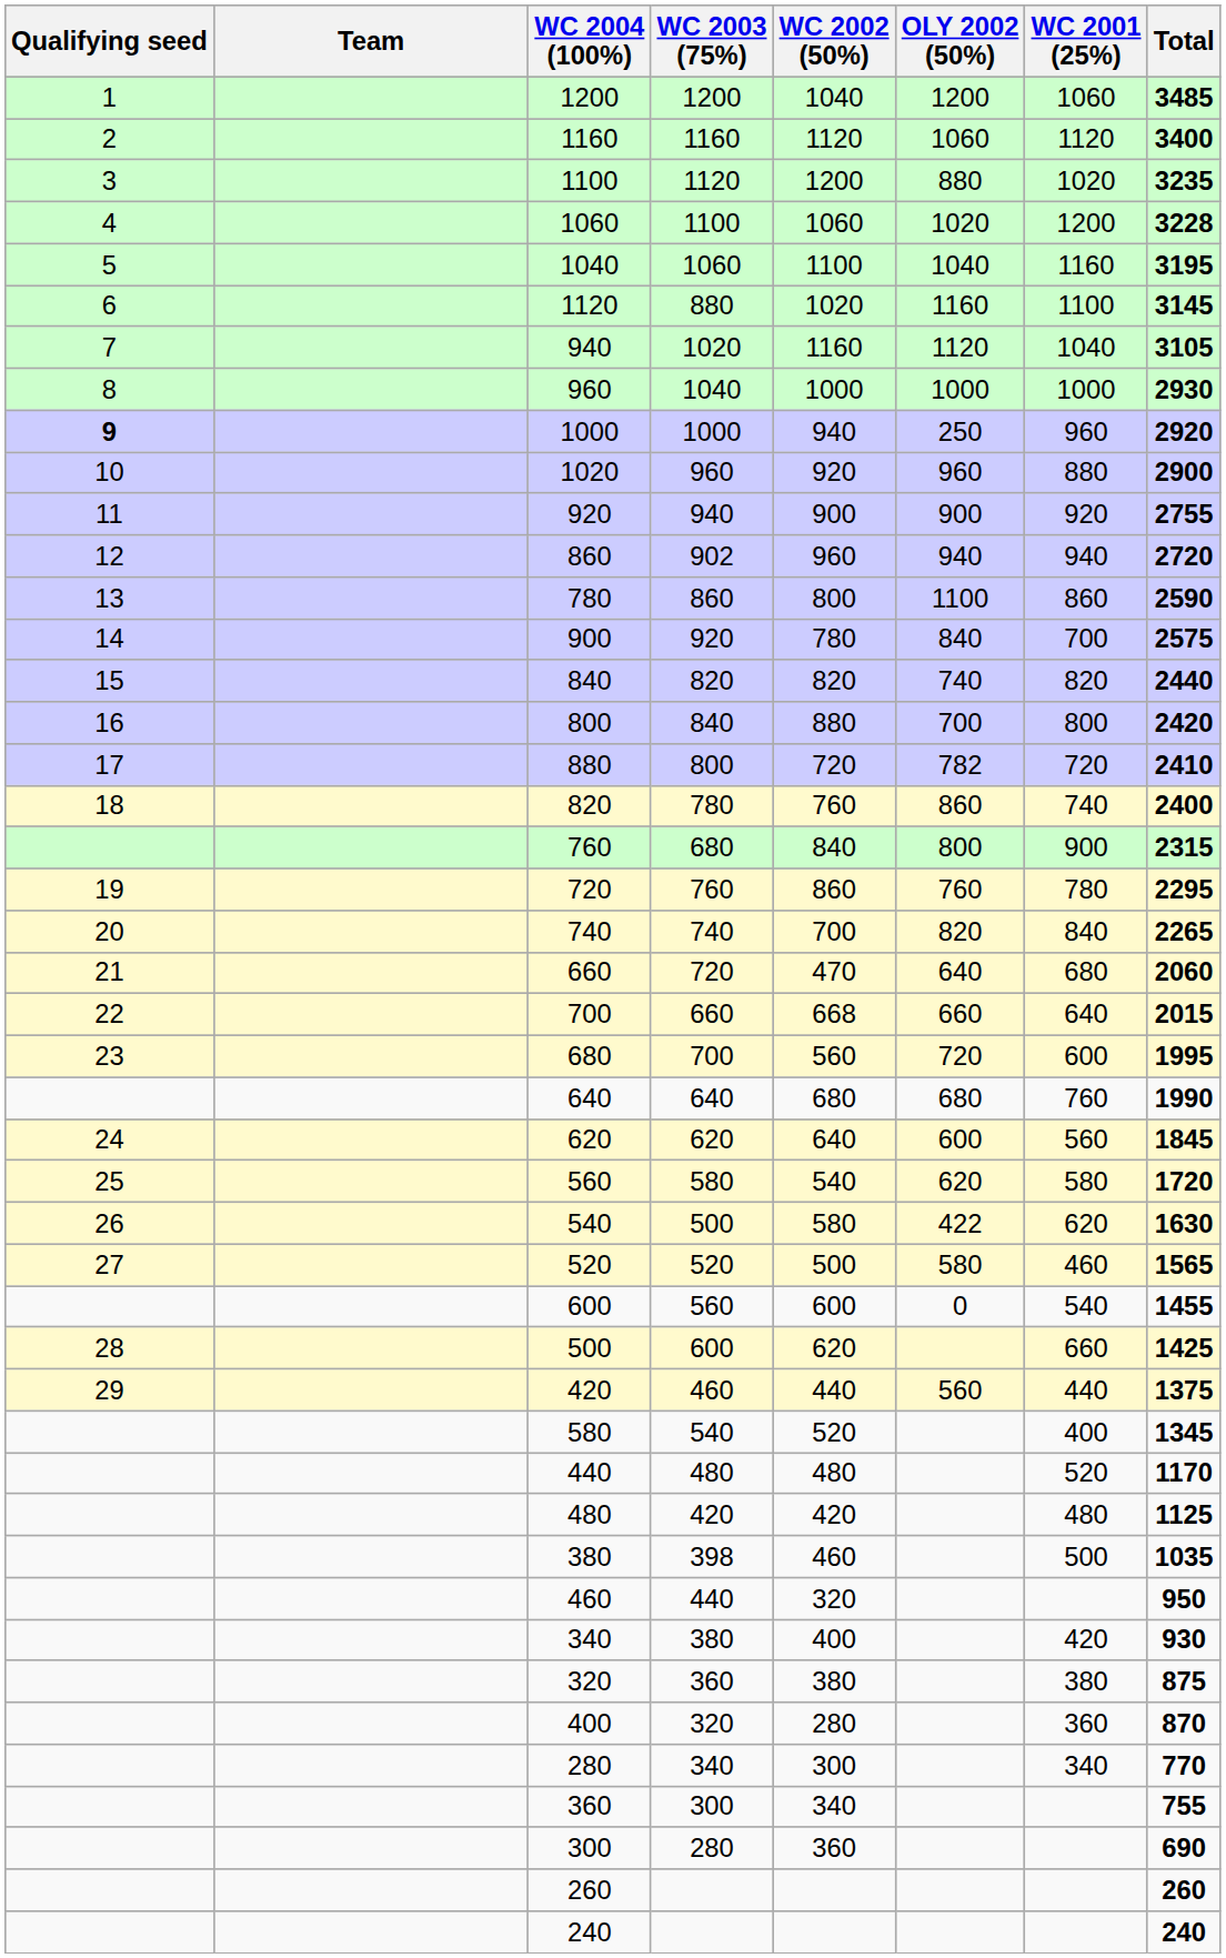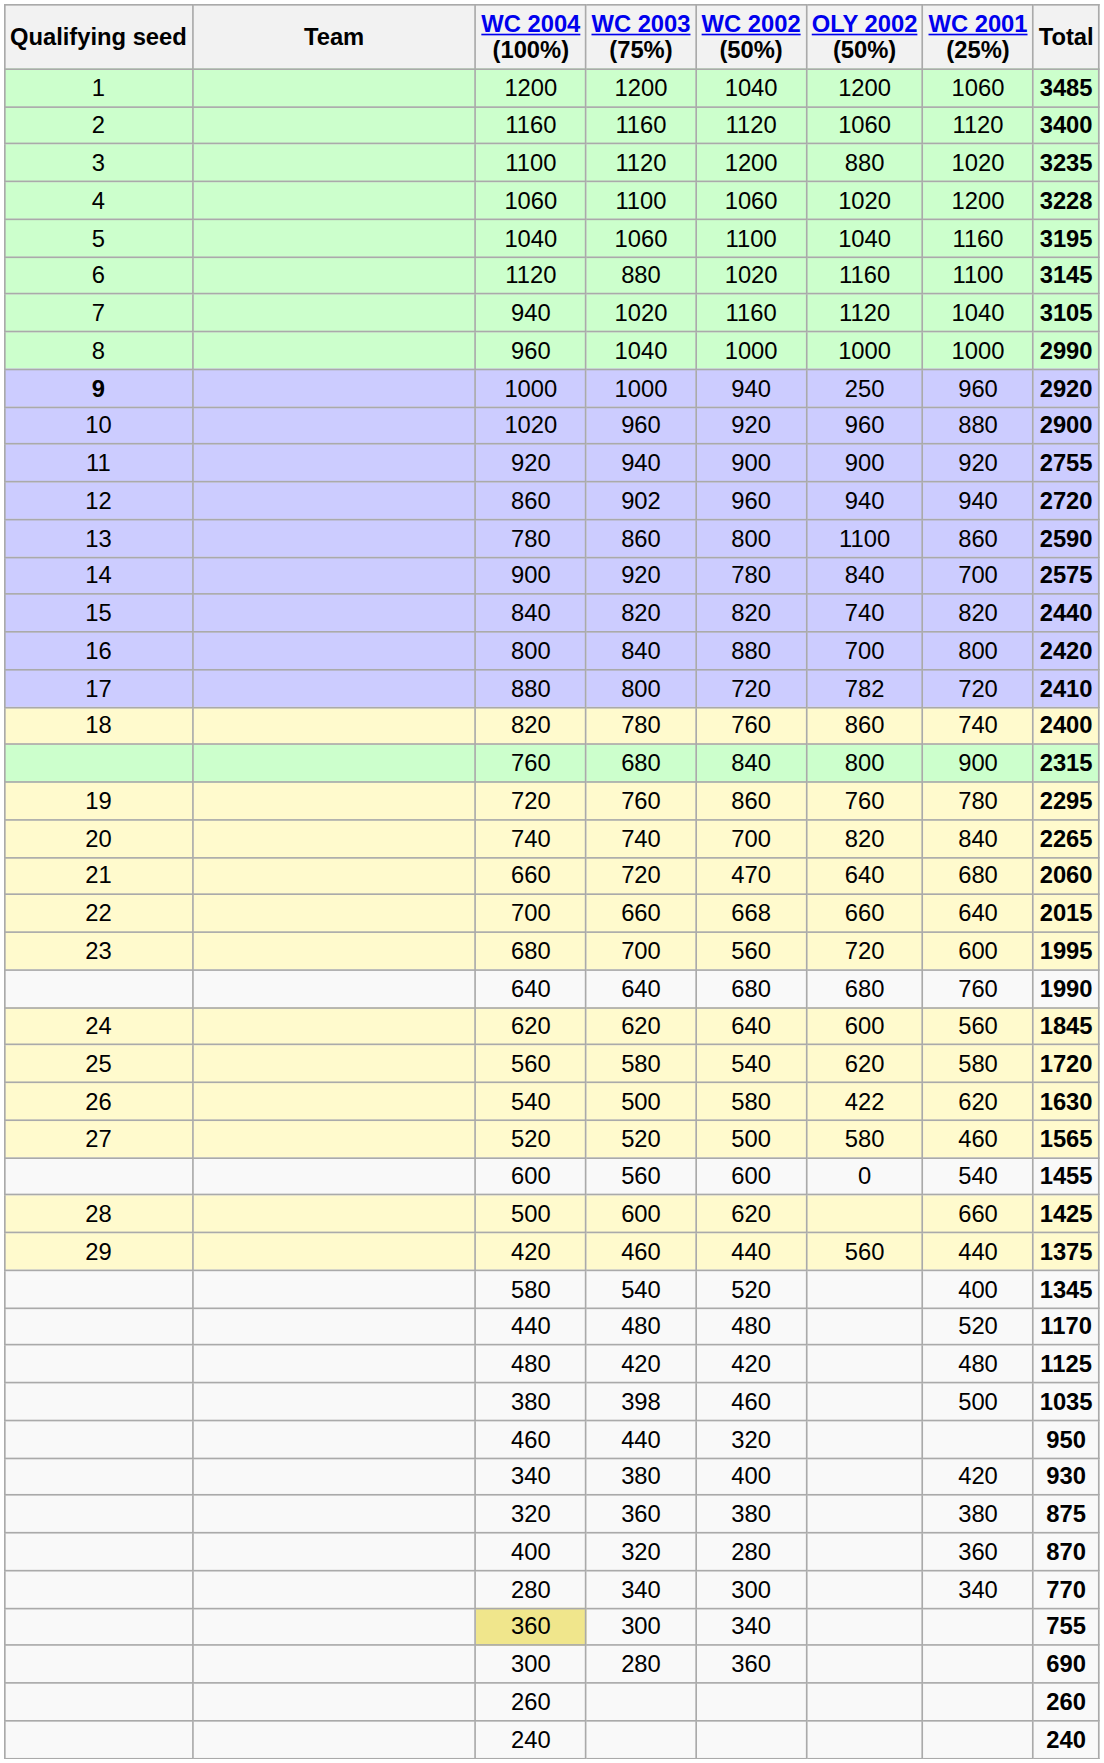 <table class="wikitable sortable" style="font-size:90%; text-align:center;margin: 1em auto 1em auto ">
 <tr>
 <th>Qualifying seed</th>
 <th width=165>Team</th>
 <th><a href='#'>WC 2004</a><br><strong>(100%)</strong></th>
 <th><a href='#'>WC 2003</a><br><strong>(75%)</strong></th>
 <th><a href='#'>WC 2002</a><br><strong>(50%)</strong></th>
 <th><a href='#'>OLY 2002</a><br><strong>(50%)</strong></th>
 <th><a href='#'>WC 2001</a><br><strong>(25%)</strong></th>
 <th>Total</th>
 </tr>
 <tr style="background: #ccffcc;">
 <td>1</td>
 <td align=left></td>
 <td>1200</td>
 <td>1200</td>
 <td>1040</td>
 <td>1200</td>
 <td>1060</td>
 <td><strong>3485</strong></td>
 </tr>
 <tr style="background: #ccffcc;">
 <td>2</td>
 <td align="left"></td>
 <td>1160</td>
 <td>1160</td>
 <td>1120</td>
 <td>1060</td>
 <td>1120</td>
 <td><strong>3400</strong></td>
 </tr>
 <tr style="background: #ccffcc;">
 <td>3</td>
 <td align="left"></td>
 <td>1100</td>
 <td>1120</td>
 <td>1200</td>
 <td>880</td>
 <td>1020</td>
 <td><strong>3235</strong></td>
 </tr>
 <tr style="background: #ccffcc;">
 <td>4</td>
 <td align="left"></td>
 <td>1060</td>
 <td>1100</td>
 <td>1060</td>
 <td>1020</td>
 <td>1200</td>
 <td><strong>3228</strong></td>
 </tr>
 <tr style="background: #ccffcc;">
 <td>5</td>
 <td align="left"></td>
 <td>1040</td>
 <td>1060</td>
 <td>1100</td>
 <td>1040</td>
 <td>1160</td>
 <td><strong>3195</strong></td>
 </tr>
 <tr style="background: #ccffcc;">
 <td>6</td>
 <td align="left"></td>
 <td>1120</td>
 <td>880</td>
 <td>1020</td>
 <td>1160</td>
 <td>1100</td>
 <td><strong>3145</strong></td>
 </tr>
 <tr style="background: #ccffcc;">
 <td>7</td>
 <td align="left"></td>
 <td>940</td>
 <td>1020</td>
 <td>1160</td>
 <td>1120</td>
 <td>1040</td>
 <td><strong>3105</strong></td>
 </tr>
 <tr style="background: #ccffcc;">
 <td>8</td>
 <td align="left"></td>
 <td>960</td>
 <td>1040</td>
 <td>1000</td>
 <td>1000</td>
 <td>1000</td>
-<td><strong>2930</strong></td>
+<td><strong>2990</strong></td>
 </tr>
 <tr style="background: #ccccff;">
 <td><strong>9</strong></td>
 <td align="left"></td>
 <td>1000</td>
 <td>1000</td>
 <td>940</td>
 <td>250</td>
 <td>960</td>
 <td><strong>2920</strong></td>
 </tr>
 <tr style="background: #ccccff;">
 <td>10</td>
 <td align=left></td>
 <td>1020</td>
 <td>960</td>
 <td>920</td>
 <td>960</td>
 <td>880</td>
 <td><strong>2900</strong></td>
 </tr>
 <tr style="background: #ccccff;">
 <td>11</td>
 <td align="left"></td>
 <td>920</td>
 <td>940</td>
 <td>900</td>
 <td>900</td>
 <td>920</td>
 <td><strong>2755</strong></td>
 </tr>
 <tr style="background: #ccccff;">
 <td>12</td>
 <td align="left"></td>
 <td>860</td>
 <td>902</td>
 <td>960</td>
 <td>940</td>
 <td>940</td>
 <td><strong>2720</strong></td>
 </tr>
 <tr style="background: #ccccff;">
 <td>13</td>
 <td align="left"></td>
 <td>780</td>
 <td>860</td>
 <td>800</td>
 <td>1100</td>
 <td>860</td>
 <td><strong>2590</strong></td>
 </tr>
 <tr style="background: #ccccff;">
 <td>14</td>
 <td align="left"></td>
 <td>900</td>
 <td>920</td>
 <td>780</td>
 <td>840</td>
 <td>700</td>
 <td><strong>2575</strong></td>
 </tr>
 <tr style="background: #ccccff;">
 <td>15</td>
 <td align="left"></td>
 <td>840</td>
 <td>820</td>
 <td>820</td>
 <td>740</td>
 <td>820</td>
 <td><strong>2440</strong></td>
 </tr>
 <tr style="background: #ccccff;">
 <td>16</td>
 <td align="left"></td>
 <td>800</td>
 <td>840</td>
 <td>880</td>
 <td>700</td>
 <td>800</td>
 <td><strong>2420</strong></td>
 </tr>
 <tr style="background: #ccccff;">
 <td>17</td>
 <td align=left></td>
 <td>880</td>
 <td>800</td>
 <td>720</td>
 <td>782</td>
 <td>720</td>
 <td><strong>2410</strong></td>
 </tr>
 <tr style="background: #fffacd;">
 <td>18</td>
 <td align="left"></td>
 <td>820</td>
 <td>780</td>
 <td>760</td>
 <td>860</td>
 <td>740</td>
 <td><strong>2400</strong></td>
 </tr>
 <tr style="background: #ccffcc;">
 <td></td>
 <td align="left"></td>
 <td>760</td>
 <td>680</td>
 <td>840</td>
 <td>800</td>
 <td>900</td>
 <td><strong>2315</strong></td>
 </tr>
 <tr style="background: #fffacd;">
 <td>19</td>
 <td align="left"></td>
 <td>720</td>
 <td>760</td>
 <td>860</td>
 <td>760</td>
 <td>780</td>
 <td><strong>2295</strong></td>
 </tr>
 <tr style="background: #fffacd;">
 <td>20</td>
 <td align="left"></td>
 <td>740</td>
 <td>740</td>
 <td>700</td>
 <td>820</td>
 <td>840</td>
 <td><strong>2265</strong></td>
 </tr>
 <tr style="background: #fffacd;">
 <td>21</td>
 <td align="left"></td>
 <td>660</td>
 <td>720</td>
 <td>470</td>
 <td>640</td>
 <td>680</td>
 <td><strong>2060</strong></td>
 </tr>
 <tr style="background: #fffacd;">
 <td>22</td>
 <td align="left"></td>
 <td>700</td>
 <td>660</td>
 <td>668</td>
 <td>660</td>
 <td>640</td>
 <td><strong>2015</strong></td>
 </tr>
 <tr style="background: #fffacd;">
 <td>23</td>
 <td align="left"></td>
 <td>680</td>
 <td>700</td>
 <td>560</td>
 <td>720</td>
 <td>600</td>
 <td><strong>1995</strong></td>
 </tr>
 <tr>
 <td></td>
 <td align="left"></td>
 <td>640</td>
 <td>640</td>
 <td>680</td>
 <td>680</td>
 <td>760</td>
 <td><strong>1990</strong></td>
 </tr>
 <tr style="background: #fffacd;">
 <td>24</td>
 <td align="left"></td>
 <td>620</td>
 <td>620</td>
 <td>640</td>
 <td>600</td>
 <td>560</td>
 <td><strong>1845</strong></td>
 </tr>
 <tr style="background: #fffacd;">
 <td>25</td>
 <td align="left"></td>
 <td>560</td>
 <td>580</td>
 <td>540</td>
 <td>620</td>
 <td>580</td>
 <td><strong>1720</strong></td>
 </tr>
 <tr style="background: #fffacd;">
 <td>26</td>
 <td align="left"></td>
 <td>540</td>
 <td>500</td>
 <td>580</td>
 <td>422</td>
 <td>620</td>
 <td><strong>1630</strong></td>
 </tr>
 <tr style="background: #fffacd;">
 <td>27</td>
 <td align="left"></td>
 <td>520</td>
 <td>520</td>
 <td>500</td>
 <td>580</td>
 <td>460</td>
 <td><strong>1565</strong></td>
 </tr>
 <tr>
 <td></td>
 <td align="left"></td>
 <td>600</td>
 <td>560</td>
 <td>600</td>
 <td>0</td>
 <td>540</td>
 <td><strong>1455</strong></td>
 </tr>
 <tr style="background: #fffacd;">
 <td>28</td>
 <td align="left"></td>
 <td>500</td>
 <td>600</td>
 <td>620</td>
 <td></td>
 <td>660</td>
 <td><strong>1425</strong></td>
 </tr>
 <tr style="background: #fffacd;">
 <td>29</td>
 <td align="left"></td>
 <td>420</td>
 <td>460</td>
 <td>440</td>
 <td>560</td>
 <td>440</td>
 <td><strong>1375</strong></td>
 </tr>
 <tr>
 <td></td>
 <td align="left"></td>
 <td>580</td>
 <td>540</td>
 <td>520</td>
 <td></td>
 <td>400</td>
 <td><strong>1345</strong></td>
 </tr>
 <tr>
 <td></td>
 <td align="left"></td>
 <td>440</td>
 <td>480</td>
 <td>480</td>
 <td></td>
 <td>520</td>
 <td><strong>1170</strong></td>
 </tr>
 <tr>
 <td></td>
 <td align="left"></td>
 <td>480</td>
 <td>420</td>
 <td>420</td>
 <td></td>
 <td>480</td>
 <td><strong>1125</strong></td>
 </tr>
 <tr>
 <td></td>
 <td align="left"></td>
 <td>380</td>
 <td>398</td>
 <td>460</td>
 <td></td>
 <td>500</td>
 <td><strong>1035</strong></td>
 </tr>
 <tr>
 <td></td>
 <td align="left"></td>
 <td>460</td>
 <td>440</td>
 <td>320</td>
 <td></td>
 <td></td>
 <td><strong>950</strong></td>
 </tr>
 <tr>
 <td></td>
 <td align="left"></td>
 <td>340</td>
 <td>380</td>
 <td>400</td>
 <td></td>
 <td>420</td>
 <td><strong>930</strong></td>
 </tr>
 <tr>
 <td></td>
 <td align="left"></td>
 <td>320</td>
 <td>360</td>
 <td>380</td>
 <td></td>
 <td>380</td>
 <td><strong>875</strong></td>
 </tr>
 <tr>
 <td></td>
 <td align="left"></td>
 <td>400</td>
 <td>320</td>
 <td>280</td>
 <td></td>
 <td>360</td>
 <td><strong>870</strong></td>
 </tr>
 <tr>
 <td></td>
 <td align="left"></td>
 <td>280</td>
 <td>340</td>
 <td>300</td>
 <td></td>
 <td>340</td>
 <td><strong>770</strong></td>
 </tr>
 <tr>
 <td></td>
 <td align="left"></td>
-<td>360</td>
+<td style="background: khaki;">360</td>
 <td>300</td>
 <td>340</td>
 <td></td>
 <td></td>
 <td><strong>755</strong></td>
 </tr>
 <tr>
 <td></td>
 <td align="left"></td>
 <td>300</td>
 <td>280</td>
 <td>360</td>
 <td></td>
 <td></td>
 <td><strong>690</strong></td>
 </tr>
 <tr>
 <td></td>
 <td align="left"></td>
 <td>260</td>
 <td></td>
 <td></td>
 <td></td>
 <td></td>
 <td><strong>260</strong></td>
 </tr>
 <tr>
 <td></td>
 <td align="left"></td>
 <td>240</td>
 <td></td>
 <td></td>
 <td></td>
 <td></td>
 <td><strong>240</strong></td>
 </tr>
 </table>
